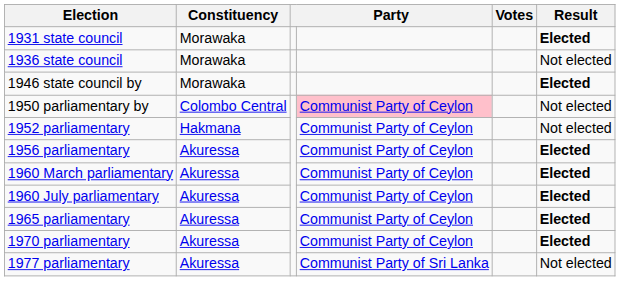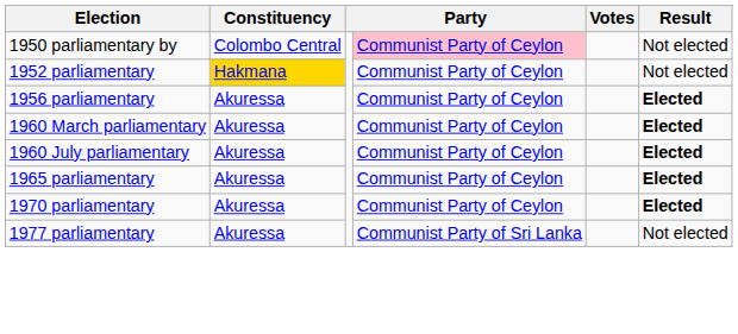 <table class="wikitable" style="text-align:left;">
 <tr>
 <th scope=col>Election</th>
 <th scope=col>Constituency</th>
 <th scope=col colspan="2">Party</th>
 <th scope=col>Votes</th>
 <th scope=col>Result</th>
-</tr>
-<tr>
-<td><a href='#'>1931 state council</a></td>
-<td>Morawaka</td>
-<td></td>
-<td></td>
-<td></td>
-<td><strong>Elected</strong></td>
-</tr>
-<tr>
-<td><a href='#'>1936 state council</a></td>
-<td>Morawaka</td>
-<td></td>
-<td></td>
-<td align=right></td>
-<td>Not elected</td>
-</tr>
-<tr>
-<td>1946 state council by</td>
-<td>Morawaka</td>
-<td></td>
-<td></td>
-<td align=right></td>
-<td><strong>Elected</strong></td>
 </tr>
 <tr>
 <td>1950 parliamentary by</td>
 <td><a href='#'>Colombo Central</a></td>
 <td rowspan="8" style="background:"></td>
 <td style="background: pink;"><a href='#'>Communist Party of Ceylon</a></td>
 <td align=right></td>
 <td>Not elected</td>
 </tr>
 <tr>
 <td><a href='#'>1952 parliamentary</a></td>
-<td><a href='#'>Hakmana</a></td>
+<td style="background: gold;"><a href='#'>Hakmana</a></td>
 <td><a href='#'>Communist Party of Ceylon</a></td>
 <td align=right></td>
 <td>Not elected</td>
 </tr>
 <tr>
 <td><a href='#'>1956 parliamentary</a></td>
 <td><a href='#'>Akuressa</a></td>
 <td><a href='#'>Communist Party of Ceylon</a></td>
 <td align=right></td>
 <td><strong>Elected</strong></td>
 </tr>
 <tr>
 <td><a href='#'>1960 March parliamentary</a></td>
 <td><a href='#'>Akuressa</a></td>
 <td><a href='#'>Communist Party of Ceylon</a></td>
 <td align=right></td>
 <td><strong>Elected</strong></td>
 </tr>
 <tr>
 <td><a href='#'>1960 July parliamentary</a></td>
 <td><a href='#'>Akuressa</a></td>
 <td><a href='#'>Communist Party of Ceylon</a></td>
 <td align=right></td>
 <td><strong>Elected</strong></td>
 </tr>
 <tr>
 <td><a href='#'>1965 parliamentary</a></td>
 <td><a href='#'>Akuressa</a></td>
 <td><a href='#'>Communist Party of Ceylon</a></td>
 <td align=right></td>
 <td><strong>Elected</strong></td>
 </tr>
 <tr>
 <td><a href='#'>1970 parliamentary</a></td>
 <td><a href='#'>Akuressa</a></td>
 <td><a href='#'>Communist Party of Ceylon</a></td>
 <td align=right></td>
 <td><strong>Elected</strong></td>
 </tr>
 <tr>
 <td><a href='#'>1977 parliamentary</a></td>
 <td><a href='#'>Akuressa</a></td>
 <td><a href='#'>Communist Party of Sri Lanka</a></td>
 <td align=right></td>
 <td>Not elected</td>
 </tr>
 </table>
